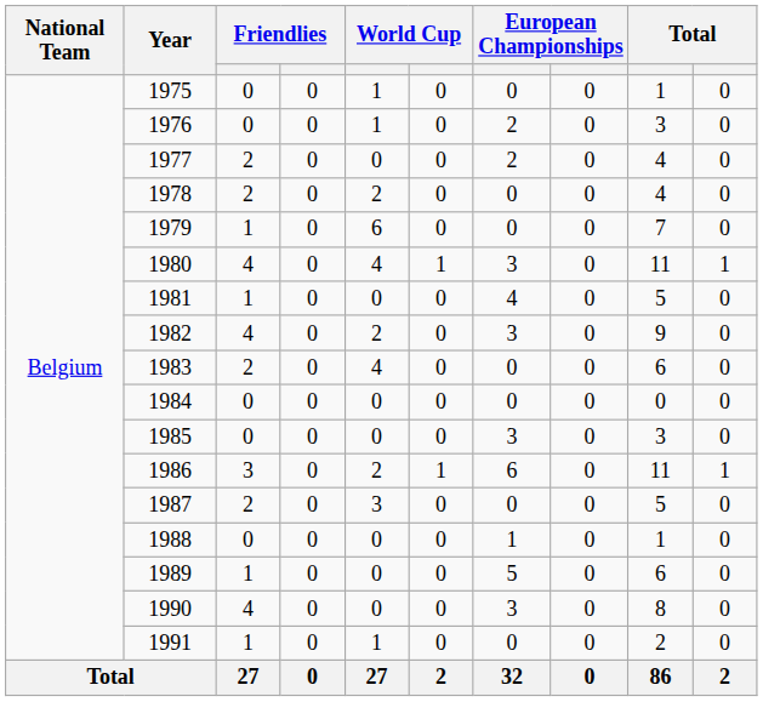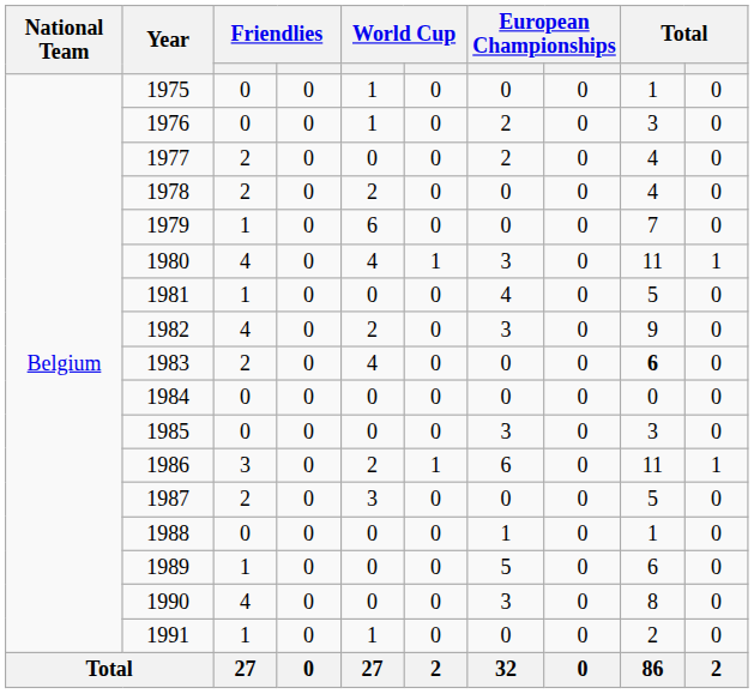 <table class="wikitable">
 <tr>
 <th width=80 rowspan="2">National<br>Team</th>
 <th width=60 rowspan="2">Year</th>
 <th width=80 colspan="2"><a href='#'>Friendlies</a></th>
 <th width=80 colspan="2"><a href='#'>World Cup</a></th>
 <th width=80 colspan="2"><a href='#'>European Championships</a></th>
 <th width=80 colspan="2">Total</th>
 </tr>
 <tr style="text-align:center;">
 <th width=40 App></th>
 <th width=40 abbr="Goals against"></th>
 <th width=40 App></th>
 <th width=40 abbr="Goals against"></th>
 <th width=40 App></th>
 <th width=40 abbr="Goals against"></th>
 <th width=40 App></th>
 <th width=40 abbr="Goals against"></th>
 </tr>
 <tr style="text-align:center;">
 <td rowspan="17" align=center valign=center><a href='#'>Belgium</a><br></td>
 <td>1975</td>
 <td>0</td>
 <td>0</td>
 <td>1</td>
 <td>0</td>
 <td>0</td>
 <td>0</td>
 <td>1</td>
 <td>0</td>
 </tr>
 <tr style="text-align:center;">
 <td>1976</td>
 <td>0</td>
 <td>0</td>
 <td>1</td>
 <td>0</td>
 <td>2</td>
 <td>0</td>
 <td>3</td>
 <td>0</td>
 </tr>
 <tr style="text-align:center;">
 <td>1977</td>
 <td>2</td>
 <td>0</td>
 <td>0</td>
 <td>0</td>
 <td>2</td>
 <td>0</td>
 <td>4</td>
 <td>0</td>
 </tr>
 <tr style="text-align:center;">
 <td>1978</td>
 <td>2</td>
 <td>0</td>
 <td>2</td>
 <td>0</td>
 <td>0</td>
 <td>0</td>
 <td>4</td>
 <td>0</td>
 </tr>
 <tr style="text-align:center;">
 <td>1979</td>
 <td>1</td>
 <td>0</td>
 <td>6</td>
 <td>0</td>
 <td>0</td>
 <td>0</td>
 <td>7</td>
 <td>0</td>
 </tr>
 <tr style="text-align:center;">
 <td>1980</td>
 <td>4</td>
 <td>0</td>
 <td>4</td>
 <td>1</td>
 <td>3</td>
 <td>0</td>
 <td>11</td>
 <td>1</td>
 </tr>
 <tr style="text-align:center;">
 <td>1981</td>
 <td>1</td>
 <td>0</td>
 <td>0</td>
 <td>0</td>
 <td>4</td>
 <td>0</td>
 <td>5</td>
 <td>0</td>
 </tr>
 <tr style="text-align:center;">
 <td>1982</td>
 <td>4</td>
 <td>0</td>
 <td>2</td>
 <td>0</td>
 <td>3</td>
 <td>0</td>
 <td>9</td>
 <td>0</td>
 </tr>
 <tr style="text-align:center;">
 <td>1983</td>
 <td>2</td>
 <td>0</td>
 <td>4</td>
 <td>0</td>
 <td>0</td>
 <td>0</td>
-<td>6</td>
+<td><strong>6</strong></td>
 <td>0</td>
 </tr>
 <tr style="text-align:center;">
 <td>1984</td>
 <td>0</td>
 <td>0</td>
 <td>0</td>
 <td>0</td>
 <td>0</td>
 <td>0</td>
 <td>0</td>
 <td>0</td>
 </tr>
 <tr style="text-align:center;">
 <td>1985</td>
 <td>0</td>
 <td>0</td>
 <td>0</td>
 <td>0</td>
 <td>3</td>
 <td>0</td>
 <td>3</td>
 <td>0</td>
 </tr>
 <tr style="text-align:center;">
 <td>1986</td>
 <td>3</td>
 <td>0</td>
 <td>2</td>
 <td>1</td>
 <td>6</td>
 <td>0</td>
 <td>11</td>
 <td>1</td>
 </tr>
 <tr style="text-align:center;">
 <td>1987</td>
 <td>2</td>
 <td>0</td>
 <td>3</td>
 <td>0</td>
 <td>0</td>
 <td>0</td>
 <td>5</td>
 <td>0</td>
 </tr>
 <tr style="text-align:center;">
 <td>1988</td>
 <td>0</td>
 <td>0</td>
 <td>0</td>
 <td>0</td>
 <td>1</td>
 <td>0</td>
 <td>1</td>
 <td>0</td>
 </tr>
 <tr style="text-align:center;">
 <td>1989</td>
 <td>1</td>
 <td>0</td>
 <td>0</td>
 <td>0</td>
 <td>5</td>
 <td>0</td>
 <td>6</td>
 <td>0</td>
 </tr>
 <tr style="text-align:center;">
 <td>1990</td>
 <td>4</td>
 <td>0</td>
 <td>0</td>
 <td>0</td>
 <td>3</td>
 <td>0</td>
 <td>8</td>
 <td>0</td>
 </tr>
 <tr style="text-align:center;">
 <td>1991</td>
 <td>1</td>
 <td>0</td>
 <td>1</td>
 <td>0</td>
 <td>0</td>
 <td>0</td>
 <td>2</td>
 <td>0</td>
 </tr>
 <tr style="text-align:center;">
 <th align=left colspan="2">Total</th>
 <th align=left>27</th>
 <th align=left>0</th>
 <th align=left>27</th>
 <th align=left>2</th>
 <th align=left>32</th>
 <th align=left>0</th>
 <th align=left>86</th>
 <th align=left>2</th>
 </tr>
 </table>
